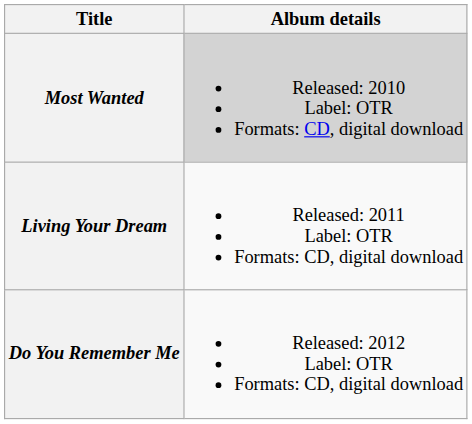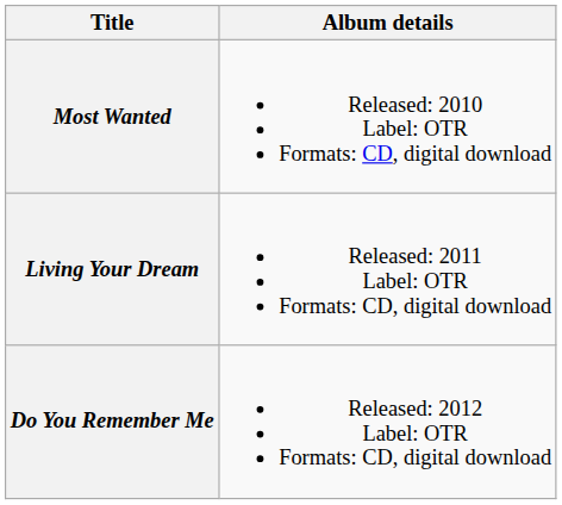 <table class="wikitable plainrowheaders" style="text-align:center;">
 <tr>
 <th scope="col">Title</th>
 <th scope="col">Album details</th>
 </tr>
 <tr>
 <th scope="row"><em>Most Wanted</em></th>
-<td style="background: lightgrey;"><br><ul><li>Released: 2010</li><li>Label: OTR</li><li>Formats: <a href='#'>CD</a>, digital download</li></ul></td>
+<td><br><ul><li>Released: 2010</li><li>Label: OTR</li><li>Formats: <a href='#'>CD</a>, digital download</li></ul></td>
 </tr>
 <tr>
 <th scope="row"><em>Living Your Dream</em></th>
 <td><br><ul><li>Released: 2011</li><li>Label: OTR</li><li>Formats: CD, digital download</li></ul></td>
 </tr>
 <tr>
 <th scope="row"><em>Do You Remember Me</em></th>
 <td><br><ul><li>Released: 2012</li><li>Label: OTR</li><li>Formats: CD, digital download</li></ul></td>
 </tr>
 </table>
